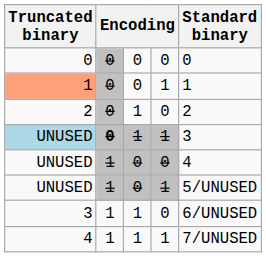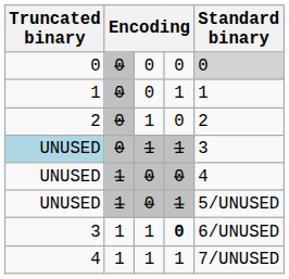 <table class="wikitable" style="text-align:center">
 <tr>
 <th>Truncated<br>binary</th>
 <th colspan=3>Encoding</th>
 <th>Standard<br>binary</th>
 </tr>
 <tr>
 <td align=right>0</td>
 <td bgcolor=silver><del>0</del></td>
 <td>0</td>
 <td>0</td>
-<td align=left>0</td>
+<td align=left style="background: lightgrey;">0</td>
 </tr>
 <tr>
-<td align=right style="background: lightsalmon;">1</td>
+<td align=right>1</td>
 <td bgcolor=silver><del>0</del></td>
 <td>0</td>
 <td>1</td>
 <td align=left>1</td>
 </tr>
 <tr>
 <td align=right>2</td>
 <td bgcolor=silver><del>0</del></td>
 <td>1</td>
 <td>0</td>
 <td align=left>2</td>
 </tr>
 <tr>
 <td align=right style="background: lightblue;">UNUSED</td>
-<td bgcolor=silver><strong><del>0</del></strong></td>
+<td bgcolor=silver><del>0</del></td>
 <td bgcolor=silver><del>1</del></td>
 <td bgcolor=silver><del>1</del></td>
 <td align=left>3</td>
 </tr>
 <tr>
 <td align=right>UNUSED</td>
 <td bgcolor=silver><del>1</del></td>
 <td bgcolor=silver><del>0</del></td>
 <td bgcolor=silver><del>0</del></td>
 <td align=left>4</td>
 </tr>
 <tr>
 <td align=right>UNUSED</td>
 <td bgcolor=silver><del>1</del></td>
 <td bgcolor=silver><del>0</del></td>
 <td bgcolor=silver><del>1</del></td>
 <td align=left>5/UNUSED</td>
 </tr>
 <tr>
 <td align=right>3</td>
 <td>1</td>
 <td>1</td>
-<td>0</td>
+<td><strong>0</strong></td>
 <td align=left>6/UNUSED</td>
 </tr>
 <tr>
 <td align=right>4</td>
 <td>1</td>
 <td>1</td>
 <td>1</td>
 <td align=left>7/UNUSED</td>
 </tr>
 </table>
